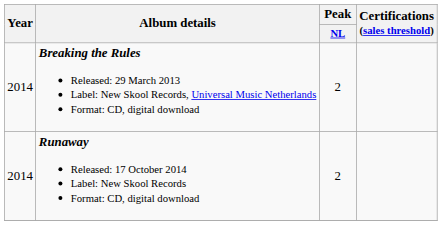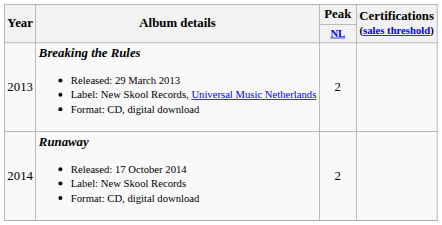 <table class="wikitable" style="text-align: center;">
 <tr>
 <th rowspan="2">Year</th>
 <th rowspan="2">Album details</th>
 <th>Peak</th>
 <th rowspan="2">Certifications<br><small>(<a href='#'>sales threshold</a>)</small></th>
 </tr>
 <tr style="font-size: smaller;">
 <th style="width:40px;"><a href='#'>NL</a></th>
 </tr>
 <tr>
-<td>2014</td>
+<td>2013</td>
 <td style="text-align:left;"><strong><em>Breaking the Rules</em></strong><br><ul><li><small>Released: 29 March 2013</small></li><li><small>Label: New Skool Records, <a href='#'>Universal Music Netherlands</a></small></li><li><small>Format: CD, digital download</small></li></ul></td>
 <td>2</td>
 <td></td>
 </tr>
 <tr>
 <td>2014</td>
 <td style="text-align:left;"><strong><em>Runaway</em></strong><br><ul><li><small>Released: 17 October 2014</small></li><li><small>Label: New Skool Records</small></li><li><small>Format: CD, digital download</small></li></ul></td>
 <td>2</td>
 <td></td>
 </tr>
 <tr>
 </tr>
 </table>
